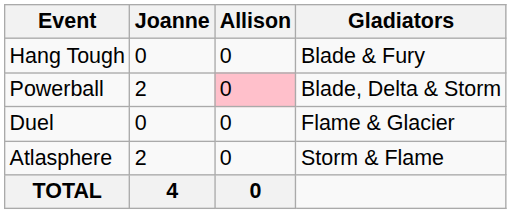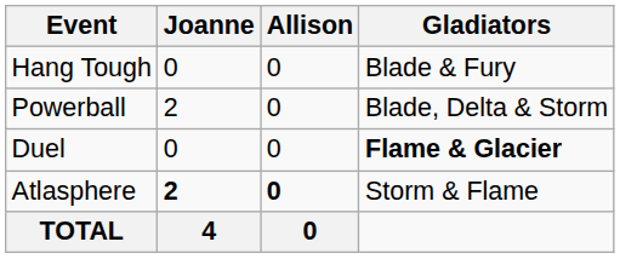 <table class="wikitable">
 <tr>
 <th>Event</th>
 <th>Joanne</th>
 <th>Allison</th>
 <th>Gladiators</th>
 </tr>
 <tr>
 <td>Hang Tough</td>
 <td>0</td>
 <td>0</td>
 <td>Blade & Fury</td>
 </tr>
 <tr>
 <td>Powerball</td>
 <td>2</td>
-<td style="background: pink;">0</td>
+<td>0</td>
 <td>Blade, Delta & Storm</td>
 </tr>
 <tr>
 <td>Duel</td>
 <td>0</td>
 <td>0</td>
-<td>Flame & Glacier</td>
+<td><strong>Flame & Glacier</strong></td>
 </tr>
 <tr>
 <td>Atlasphere</td>
-<td>2</td>
-<td>0</td>
+<td><strong>2</strong></td>
+<td><strong>0</strong></td>
 <td>Storm & Flame</td>
 </tr>
 <tr>
 <th>TOTAL</th>
 <th>4</th>
 <th>0</th>
 </tr>
 </table>
